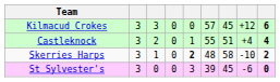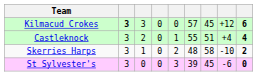 <table class="wikitable" style="text-align:center">
 <tr>
 <th style="width:175px;">Team</th>
 <th width="20"></th>
 <th width="20"></th>
 <th width="20"></th>
 <th width="20"></th>
 <th width="20"></th>
 <th width="20"></th>
 <th width="20"></th>
 <th width="20"></th>
 </tr>
 <tr style="background:#cfc;">
 <td><a href='#'>Kilmacud Crokes</a></td>
-<td>3</td>
+<td><strong>3</strong></td>
 <td>3</td>
 <td>0</td>
 <td>0</td>
 <td>57</td>
 <td>45</td>
 <td>+12</td>
 <td><strong>6</strong></td>
 </tr>
 <tr style="background:#cfc;">
 <td><a href='#'>Castleknock</a></td>
 <td>3</td>
 <td>2</td>
 <td>0</td>
 <td>1</td>
 <td>55</td>
 <td>51</td>
 <td>+4</td>
 <td><strong>4</strong></td>
 </tr>
 <tr>
 <td><a href='#'>Skerries Harps</a></td>
 <td>3</td>
 <td>1</td>
 <td>0</td>
-<td><strong>2</strong></td>
+<td>2</td>
 <td>48</td>
 <td>58</td>
 <td>-10</td>
 <td><strong>2</strong></td>
 </tr>
 <tr style="background:#fcf;">
 <td><a href='#'>St Sylvester's</a></td>
 <td>3</td>
 <td>0</td>
 <td>0</td>
 <td>3</td>
 <td>39</td>
 <td>45</td>
 <td>-6</td>
 <td><strong>0</strong></td>
 </tr>
 </table>
